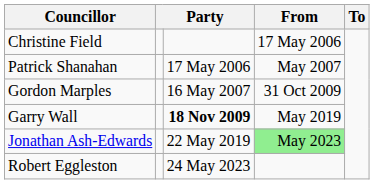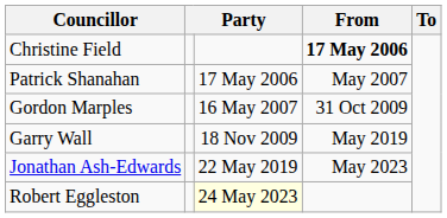 <table class=wikitable>
 <tr>
 <th>Councillor</th>
 <th colspan=2>Party</th>
 <th>From</th>
 <th>To</th>
 </tr>
 <tr>
 <td>Christine Field</td>
 <td></td>
 <td></td>
-<td align=right>17 May 2006</td>
+<td align=right><strong>17 May 2006</strong></td>
 </tr>
 <tr>
 <td>Patrick Shanahan</td>
 <td></td>
 <td align=right>17 May 2006</td>
 <td align=right>May 2007</td>
 </tr>
 <tr>
 <td>Gordon Marples</td>
 <td></td>
 <td align=right>16 May 2007</td>
 <td align=right>31 Oct 2009</td>
 </tr>
 <tr>
 <td>Garry Wall</td>
 <td></td>
-<td align=right><strong>18 Nov 2009</strong></td>
+<td align=right>18 Nov 2009</td>
 <td align=right>May 2019</td>
 </tr>
 <tr>
 <td><a href='#'>Jonathan Ash-Edwards</a></td>
 <td></td>
 <td align=right>22 May 2019</td>
-<td align=right style="background: lightgreen;">May 2023</td>
+<td align=right>May 2023</td>
 </tr>
 <tr>
 <td>Robert Eggleston</td>
 <td></td>
-<td align=right>24 May 2023</td>
+<td align=right style="background: lightyellow;">24 May 2023</td>
 <td></td>
 </tr>
 </table>
